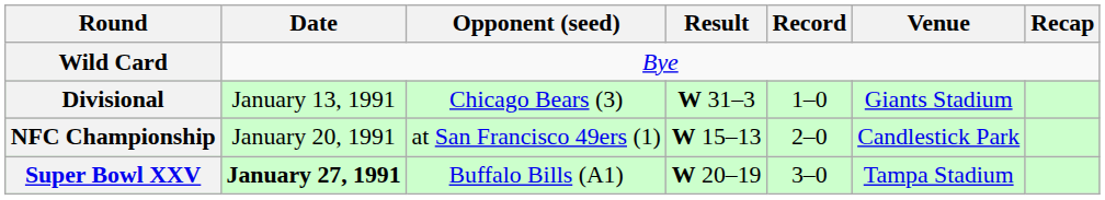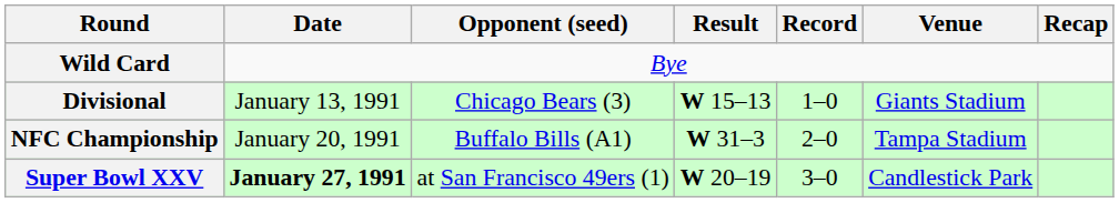 <table class="wikitable" style="text-align:center">
 <tr>
 <th>Round</th>
 <th>Date</th>
 <th>Opponent (seed)</th>
 <th>Result</th>
 <th>Record</th>
 <th>Venue</th>
 <th>Recap</th>
 </tr>
 <tr>
 <th>Wild Card</th>
 <td colspan=7 align=center><em><a href='#'>Bye</a></em></td>
 </tr>
 <tr style="background: #cfc;">
 <th>Divisional</th>
 <td>January 13, 1991</td>
 <td><a href='#'>Chicago Bears</a> (3)</td>
-<td><strong>W</strong> 31–3</td>
+<td><strong>W</strong> 15–13</td>
 <td>1–0</td>
 <td><a href='#'>Giants Stadium</a></td>
 <td></td>
 </tr>
 <tr style="background: #cfc;">
 <th>NFC Championship</th>
 <td>January 20, 1991</td>
-<td>at <a href='#'>San Francisco 49ers</a> (1)</td>
-<td><strong>W</strong> 15–13</td>
+<td><a href='#'>Buffalo Bills</a> (A1)</td>
+<td><strong>W</strong> 31–3</td>
 <td>2–0</td>
-<td><a href='#'>Candlestick Park</a></td>
+<td><a href='#'>Tampa Stadium</a></td>
 <td></td>
 </tr>
 <tr style="background: #cfc;">
 <th><a href='#'>Super Bowl XXV</a></th>
 <td><strong>January 27, 1991</strong></td>
-<td><a href='#'>Buffalo Bills</a> (A1)</td>
+<td>at <a href='#'>San Francisco 49ers</a> (1)</td>
 <td><strong>W</strong> 20–19</td>
 <td>3–0</td>
-<td><a href='#'>Tampa Stadium</a></td>
+<td><a href='#'>Candlestick Park</a></td>
 <td></td>
 </tr>
 </table>
